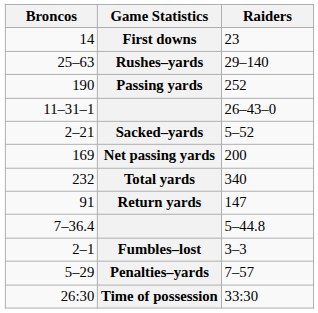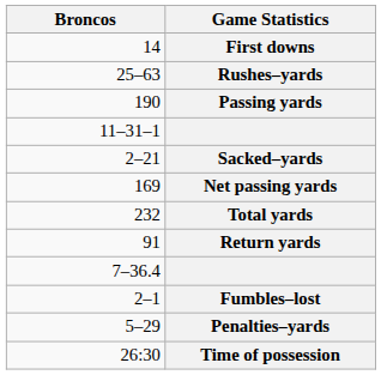 <table class="wikitable" style="margin: 1em auto 1em auto">
 <tr>
 <th style="width:30%;">Broncos</th>
 <th style="width:40%;">Game Statistics</th>
-<th style="width:30%;">Raiders</th>
 </tr>
 <tr>
 <td style="text-align:right;">14</td>
 <th>First downs</th>
-<td>23</td>
 </tr>
 <tr>
 <td style="text-align:right;">25–63</td>
 <th>Rushes–yards</th>
-<td>29–140</td>
 </tr>
 <tr>
 <td style="text-align:right;">190</td>
 <th>Passing yards</th>
-<td>252</td>
 </tr>
 <tr>
 <td style="text-align:right;">11–31–1</td>
 <th></th>
-<td>26–43–0</td>
 </tr>
 <tr>
 <td style="text-align:right;">2–21</td>
 <th>Sacked–yards</th>
-<td>5–52</td>
 </tr>
 <tr>
 <td style="text-align:right;">169</td>
 <th>Net passing yards</th>
-<td>200</td>
 </tr>
 <tr>
 <td style="text-align:right;">232</td>
 <th>Total yards</th>
-<td>340</td>
 </tr>
 <tr>
 <td style="text-align:right;">91</td>
 <th>Return yards</th>
-<td>147</td>
 </tr>
 <tr>
 <td style="text-align:right;">7–36.4</td>
 <th></th>
-<td>5–44.8</td>
 </tr>
 <tr>
 <td style="text-align:right;">2–1</td>
 <th>Fumbles–lost</th>
-<td>3–3</td>
 </tr>
 <tr>
 <td style="text-align:right;">5–29</td>
 <th>Penalties–yards</th>
-<td>7–57</td>
 </tr>
 <tr>
 <td style="text-align:right;">26:30</td>
 <th>Time of possession</th>
-<td>33:30</td>
 </tr>
 </table>
